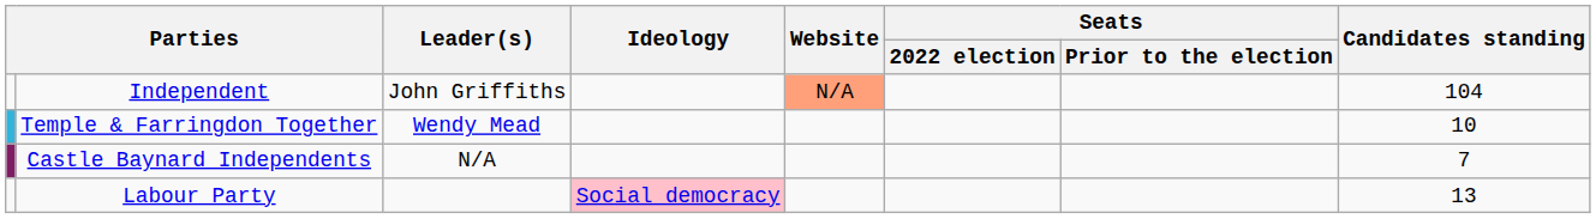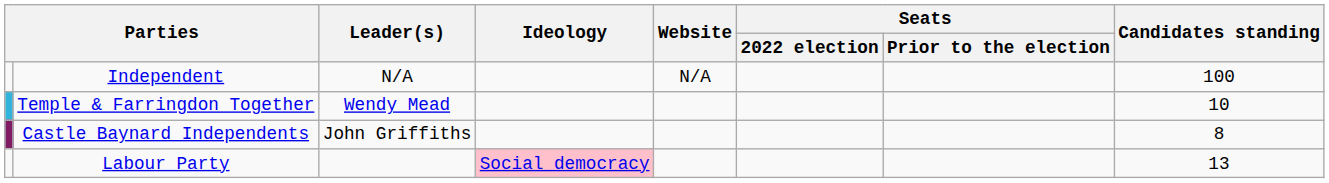 <table class="wikitable" style="text-align:center">
 <tr>
 <th colspan="4" rowspan="2">Parties</th>
 <th rowspan="2">Leader(s)</th>
 <th rowspan="2">Ideology</th>
 <th rowspan="2">Website</th>
 <th colspan="2">Seats</th>
 <th rowspan="2">Candidates standing</th>
 </tr>
 <tr>
 <th>2022 election</th>
 <th>Prior to the election</th>
 </tr>
 <tr>
 <td style="background:"></td>
 <td colspan="3"><a href='#'>Independent</a></td>
-<td>John Griffiths</td>
+<td>N/A</td>
 <td></td>
-<td style="background: lightsalmon;">N/A</td>
+<td>N/A</td>
 <td></td>
 <td></td>
-<td>104</td>
+<td>100</td>
 </tr>
 <tr>
 <td style="background:#30b4dc"></td>
 <td colspan="3"><a href='#'>Temple & Farringdon Together</a></td>
 <td><a href='#'>Wendy Mead</a></td>
 <td></td>
 <td></td>
 <td></td>
 <td></td>
 <td>10</td>
 </tr>
 <tr>
 <td style="background:#801C63"></td>
 <td colspan="3"><a href='#'>Castle Baynard Independents</a></td>
-<td>N/A</td>
+<td>John Griffiths</td>
 <td></td>
 <td></td>
 <td></td>
 <td></td>
-<td>7</td>
+<td>8</td>
 </tr>
 <tr>
 <td style="background:"></td>
 <td colspan="3"><a href='#'>Labour Party</a></td>
 <td></td>
 <td style="background: pink;"><a href='#'>Social democracy</a></td>
 <td></td>
 <td></td>
 <td></td>
 <td>13</td>
 </tr>
 </table>
